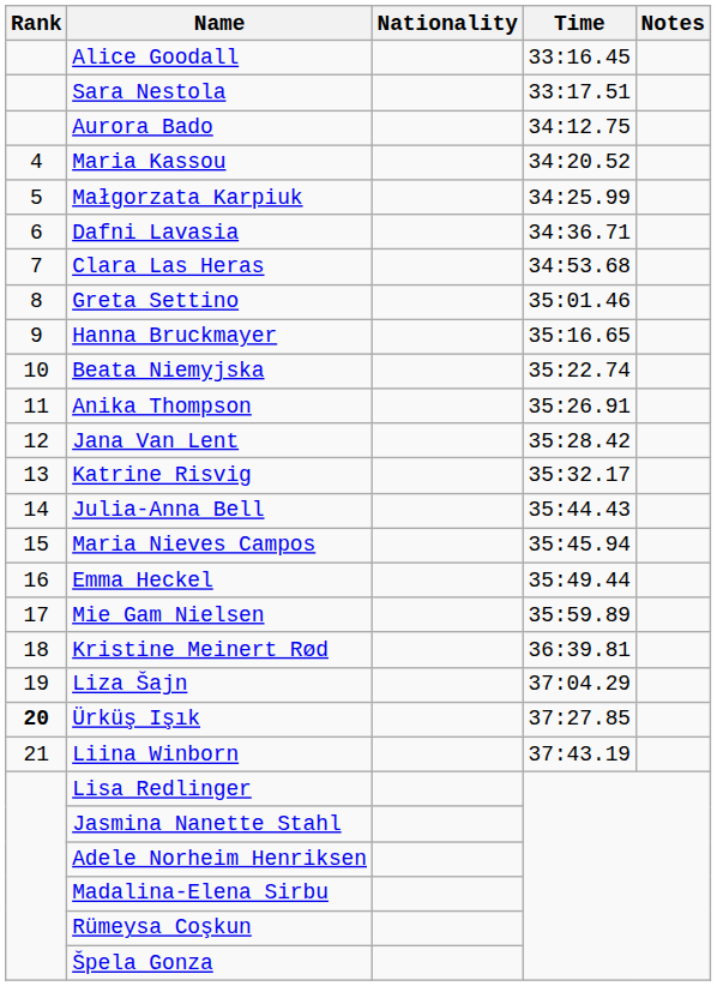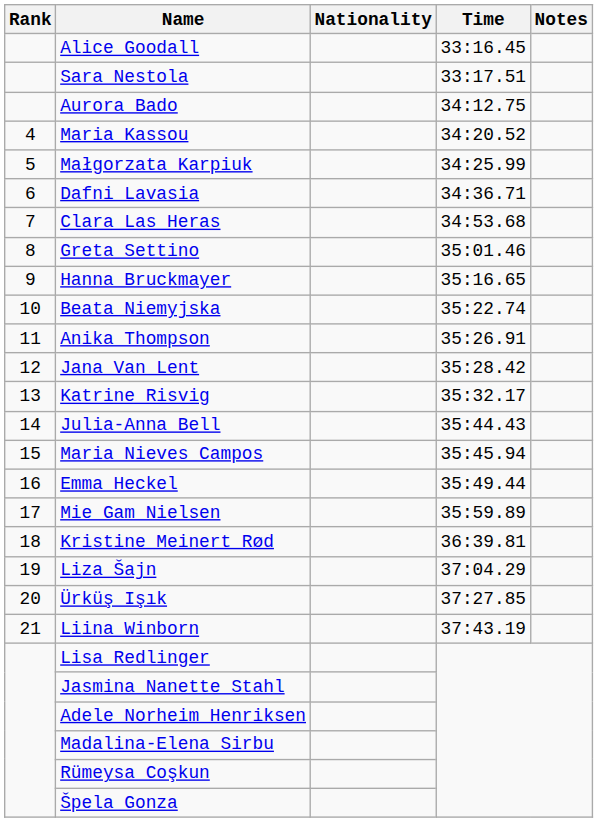 <table class="wikitable sortable" style="text-align:center">
 <tr>
 <th>Rank</th>
 <th>Name</th>
 <th>Nationality</th>
 <th>Time</th>
 <th>Notes</th>
 </tr>
 <tr>
 <td></td>
 <td align=left><a href='#'>Alice Goodall</a></td>
 <td align=left></td>
 <td>33:16.45</td>
 <td></td>
 </tr>
 <tr>
 <td></td>
 <td align=left><a href='#'>Sara Nestola</a></td>
 <td align=left></td>
 <td>33:17.51</td>
 <td></td>
 </tr>
 <tr>
 <td></td>
 <td align=left><a href='#'>Aurora Bado</a></td>
 <td align=left></td>
 <td>34:12.75</td>
 <td></td>
 </tr>
 <tr>
 <td>4</td>
 <td align=left><a href='#'>Maria Kassou</a></td>
 <td align=left></td>
 <td>34:20.52</td>
 <td></td>
 </tr>
 <tr>
 <td>5</td>
 <td align=left><a href='#'>Małgorzata Karpiuk</a></td>
 <td align=left></td>
 <td>34:25.99</td>
 <td></td>
 </tr>
 <tr>
 <td>6</td>
 <td align=left><a href='#'>Dafni Lavasia</a></td>
 <td align=left></td>
 <td>34:36.71</td>
 <td></td>
 </tr>
 <tr>
 <td>7</td>
 <td align=left><a href='#'>Clara Las Heras</a></td>
 <td align=left></td>
 <td>34:53.68</td>
 <td></td>
 </tr>
 <tr>
 <td>8</td>
 <td align=left><a href='#'>Greta Settino</a></td>
 <td align=left></td>
 <td>35:01.46</td>
 <td></td>
 </tr>
 <tr>
 <td>9</td>
 <td align=left><a href='#'>Hanna Bruckmayer</a></td>
 <td align=left></td>
 <td>35:16.65</td>
 <td></td>
 </tr>
 <tr>
 <td>10</td>
 <td align=left><a href='#'>Beata Niemyjska</a></td>
 <td align=left></td>
 <td>35:22.74</td>
 <td></td>
 </tr>
 <tr>
 <td>11</td>
 <td align=left><a href='#'>Anika Thompson</a></td>
 <td align=left></td>
 <td>35:26.91</td>
 <td></td>
 </tr>
 <tr>
 <td>12</td>
 <td align=left><a href='#'>Jana Van Lent</a></td>
 <td align=left></td>
 <td>35:28.42</td>
 <td></td>
 </tr>
 <tr>
 <td>13</td>
 <td align=left><a href='#'>Katrine Risvig</a></td>
 <td align=left></td>
 <td>35:32.17</td>
 <td></td>
 </tr>
 <tr>
 <td>14</td>
 <td align=left><a href='#'>Julia-Anna Bell</a></td>
 <td align=left></td>
 <td>35:44.43</td>
 <td></td>
 </tr>
 <tr>
 <td>15</td>
 <td align=left><a href='#'>Maria Nieves Campos</a></td>
 <td align=left></td>
 <td>35:45.94</td>
 <td></td>
 </tr>
 <tr>
 <td>16</td>
 <td align=left><a href='#'>Emma Heckel</a></td>
 <td align=left></td>
 <td>35:49.44</td>
 <td></td>
 </tr>
 <tr>
 <td>17</td>
 <td align=left><a href='#'>Mie Gam Nielsen</a></td>
 <td align=left></td>
 <td>35:59.89</td>
 <td></td>
 </tr>
 <tr>
 <td>18</td>
 <td align=left><a href='#'>Kristine Meinert Rød</a></td>
 <td align=left></td>
 <td>36:39.81</td>
 <td></td>
 </tr>
 <tr>
 <td>19</td>
 <td align=left><a href='#'>Liza Šajn</a></td>
 <td align=left></td>
 <td>37:04.29</td>
 <td></td>
 </tr>
 <tr>
-<td><strong>20</strong></td>
+<td>20</td>
 <td align=left><a href='#'>Ürküş Işık</a></td>
 <td align=left></td>
 <td>37:27.85</td>
 <td></td>
 </tr>
 <tr>
 <td>21</td>
 <td align=left><a href='#'>Liina Winborn</a></td>
 <td align=left></td>
 <td>37:43.19</td>
 <td></td>
 </tr>
 <tr>
 <td rowspan=6></td>
 <td align=left><a href='#'>Lisa Redlinger</a></td>
 <td align=left></td>
 <td colspan=2 rowspan=6></td>
 </tr>
 <tr>
 <td align=left><a href='#'>Jasmina Nanette Stahl</a></td>
 <td align=left></td>
 </tr>
 <tr>
 <td align=left><a href='#'>Adele Norheim Henriksen</a></td>
 <td align=left></td>
 </tr>
 <tr>
 <td align=left><a href='#'>Madalina-Elena Sirbu</a></td>
 <td align=left></td>
 </tr>
 <tr>
 <td align=left><a href='#'>Rümeysa Coşkun</a></td>
 <td align=left></td>
 </tr>
 <tr>
 <td align=left><a href='#'>Špela Gonza</a></td>
 <td align=left></td>
 </tr>
 </table>
